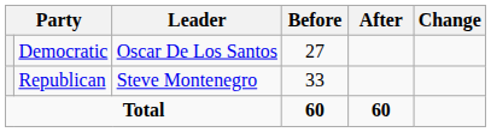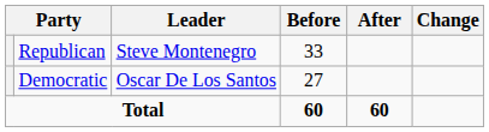 <table class="wikitable" style="text-align:center;">
 <tr>
 </tr>
 <tr>
 <th colspan=2>Party</th>
 <th>Leader</th>
 <th style="width:3em">Before</th>
 <th style="width:3em">After</th>
 <th style="width:3em">Change</th>
 </tr>
 <tr>
 <th style="background-color:"></th>
-<td style="text-align:left;"><a href='#'>Democratic</a></td>
-<td style="text-align:left;"><a href='#'>Oscar De Los Santos</a></td>
-<td>27</td>
+<td style="text-align:left;"><a href='#'>Republican</a></td>
+<td style="text-align:left;"><a href='#'>Steve Montenegro</a></td>
+<td>33</td>
 <td></td>
 <td></td>
 </tr>
 <tr>
 <th style="background-color:"></th>
-<td style="text-align:left;"><a href='#'>Republican</a></td>
-<td style="text-align:left;"><a href='#'>Steve Montenegro</a></td>
-<td>33</td>
+<td style="text-align:left;"><a href='#'>Democratic</a></td>
+<td style="text-align:left;"><a href='#'>Oscar De Los Santos</a></td>
+<td>27</td>
 <td></td>
 <td></td>
 </tr>
 <tr>
 <td colspan=3><strong>Total</strong></td>
 <td><strong>60</strong></td>
 <td><strong>60</strong></td>
 <td></td>
 </tr>
 </table>
